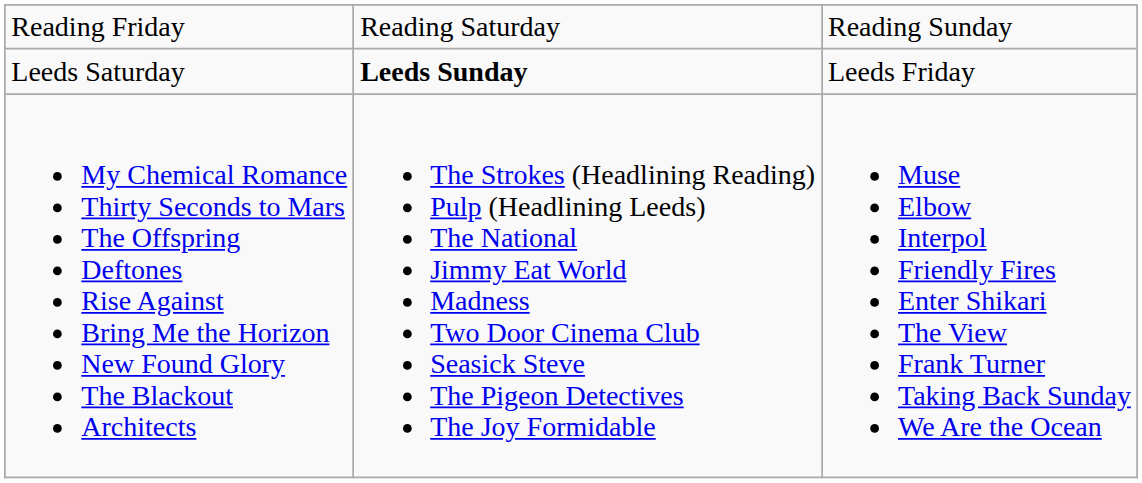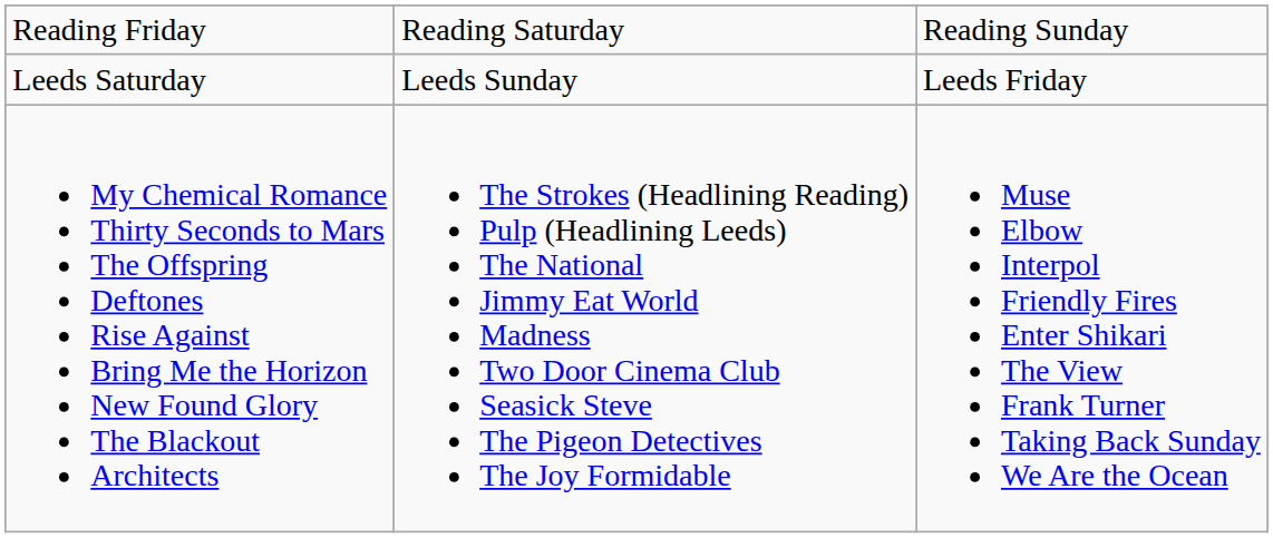 <table class="wikitable">
 <tr>
 <td>Reading Friday</td>
 <td>Reading Saturday</td>
 <td>Reading Sunday</td>
 </tr>
 <tr>
 <td>Leeds Saturday</td>
-<td><strong>Leeds Sunday</strong></td>
+<td>Leeds Sunday</td>
 <td>Leeds Friday</td>
 </tr>
 <tr>
 <td><br><ul><li><a href='#'>My Chemical Romance</a></li><li><a href='#'>Thirty Seconds to Mars</a></li><li><a href='#'>The Offspring</a></li><li><a href='#'>Deftones</a></li><li><a href='#'>Rise Against</a></li><li><a href='#'>Bring Me the Horizon</a></li><li><a href='#'>New Found Glory</a></li><li><a href='#'>The Blackout</a></li><li><a href='#'>Architects</a></li></ul></td>
 <td><br><ul><li><a href='#'>The Strokes</a> (Headlining Reading)</li><li><a href='#'>Pulp</a> (Headlining Leeds)</li><li><a href='#'>The National</a></li><li><a href='#'>Jimmy Eat World</a></li><li><a href='#'>Madness</a></li><li><a href='#'>Two Door Cinema Club</a></li><li><a href='#'>Seasick Steve</a></li><li><a href='#'>The Pigeon Detectives</a></li><li><a href='#'>The Joy Formidable</a></li></ul></td>
 <td><br><ul><li><a href='#'>Muse</a></li><li><a href='#'>Elbow</a></li><li><a href='#'>Interpol</a></li><li><a href='#'>Friendly Fires</a></li><li><a href='#'>Enter Shikari</a></li><li><a href='#'>The View</a></li><li><a href='#'>Frank Turner</a></li><li><a href='#'>Taking Back Sunday</a></li><li><a href='#'>We Are the Ocean</a></li></ul></td>
 </tr>
 </table>
